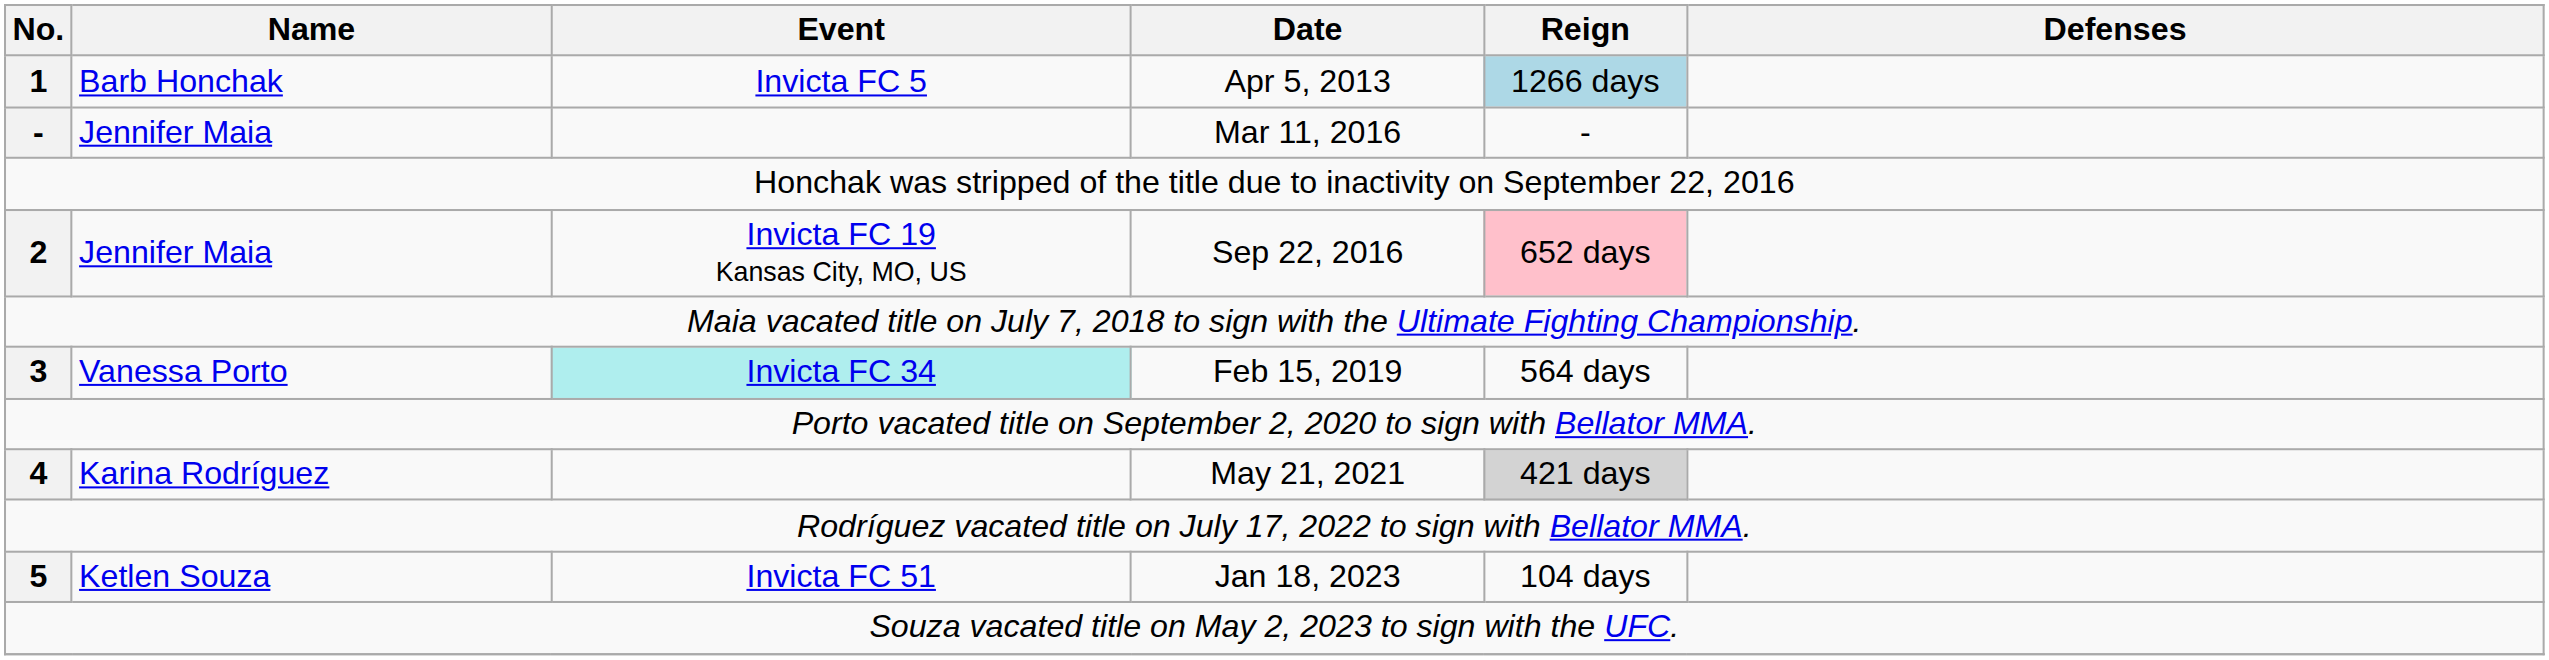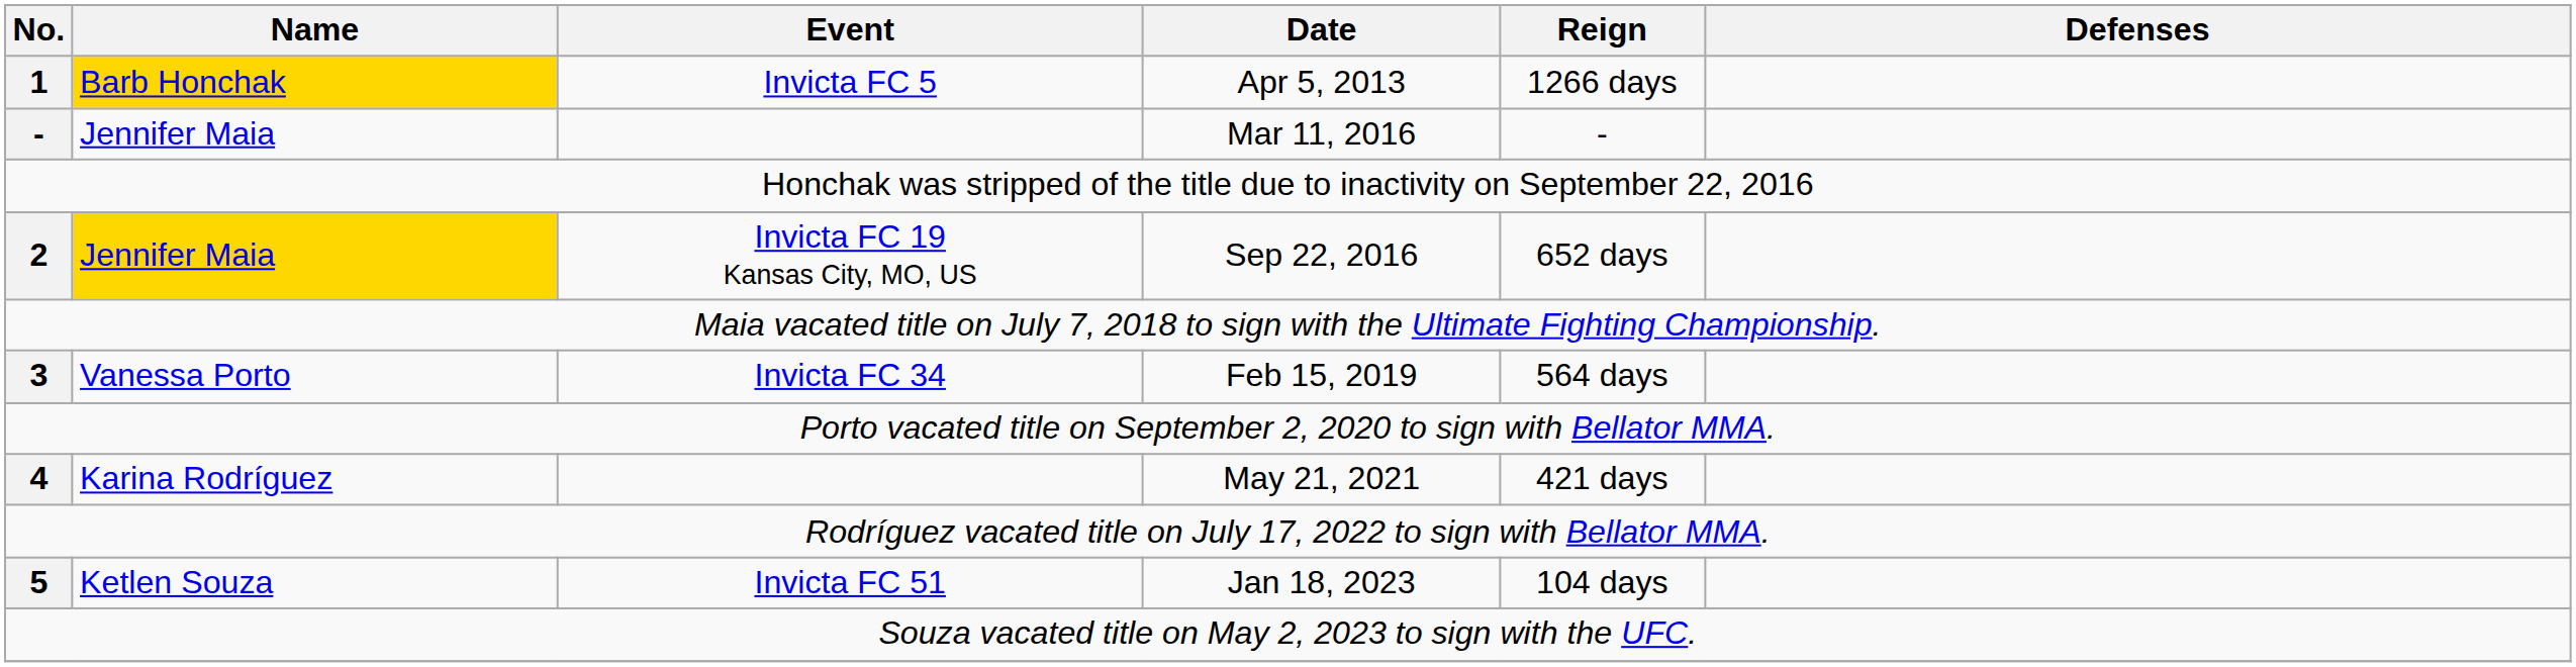 <table class="wikitable" width=100%>
 <tr>
 <th width=1%>No.</th>
 <th width=19%>Name</th>
 <th width=23%>Event</th>
 <th width=14%>Date</th>
 <th width=8%>Reign</th>
 <th width=34%>Defenses</th>
 </tr>
 <tr>
 <th>1</th>
-<td align=left> <a href='#'>Barb Honchak</a><br></td>
+<td align=left style="background: gold;"> <a href='#'>Barb Honchak</a><br></td>
 <td align=center><a href='#'>Invicta FC 5</a><br></td>
 <td align=center>Apr 5, 2013</td>
-<td align=center style="background: lightblue;">1266 days<br></td>
+<td align=center>1266 days<br></td>
 <td><br></td>
 </tr>
 <tr>
 <th>-</th>
 <td> <a href='#'>Jennifer Maia</a><br></td>
 <td style="text-align:center;"><br></td>
 <td style="text-align:center;">Mar 11, 2016</td>
 <td style="text-align:center;">-</td>
 <td></td>
 </tr>
 <tr>
 <td colspan="6" align="center">Honchak was stripped of the title due to inactivity on September 22, 2016</td>
 </tr>
 <tr>
 <th>2</th>
-<td> <a href='#'>Jennifer Maia</a><br></td>
+<td style="background: gold;"> <a href='#'>Jennifer Maia</a><br></td>
 <td style="text-align:center;"><a href='#'>Invicta FC 19</a><br><small>Kansas City, MO, US</small></td>
 <td style="text-align:center;">Sep 22, 2016</td>
-<td align=center style="background: pink;">652 days<br></td>
+<td align=center>652 days<br></td>
 <td><br></td>
 </tr>
 <tr>
 <td colspan="6" align="center"><em>Maia vacated title on July 7, 2018 to sign with the <a href='#'>Ultimate Fighting Championship</a>.</em></td>
 </tr>
 <tr>
 <th>3</th>
 <td align=left> <a href='#'>Vanessa Porto</a><br></td>
-<td align=center style="background: paleturquoise;"><a href='#'>Invicta FC 34</a><br></td>
+<td align=center><a href='#'>Invicta FC 34</a><br></td>
 <td align=center>Feb 15, 2019</td>
 <td align=center>564 days<br></td>
 <td></td>
 </tr>
 <tr>
 <td colspan="6" align="center"><em>Porto vacated title on September 2, 2020 to sign with <a href='#'>Bellator MMA</a>.</em></td>
 </tr>
 <tr>
 <th>4</th>
 <td align=left> <a href='#'>Karina Rodríguez</a><br></td>
 <td align=center><br></td>
 <td align=center>May 21, 2021</td>
-<td align=center style="background: lightgrey;">421 days<br></td>
+<td align=center>421 days<br></td>
 <td><br></td>
 </tr>
 <tr>
 <td colspan="6" align="center"><em>Rodríguez vacated title on July 17, 2022 to sign with <a href='#'>Bellator MMA</a>.</em></td>
 </tr>
 <tr>
 <th>5</th>
 <td align=left> <a href='#'>Ketlen Souza</a><br></td>
 <td align=center><a href='#'>Invicta FC 51</a><br></td>
 <td align=center>Jan 18, 2023</td>
 <td align=center>104 days<br></td>
 <td></td>
 </tr>
 <tr>
 <td colspan="6" align="center"><em>Souza vacated title on May 2, 2023 to sign with the <a href='#'>UFC</a>.</em></td>
 </tr>
 <tr>
 </tr>
 </table>
